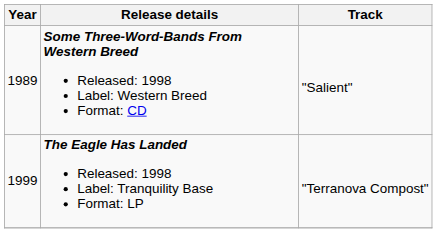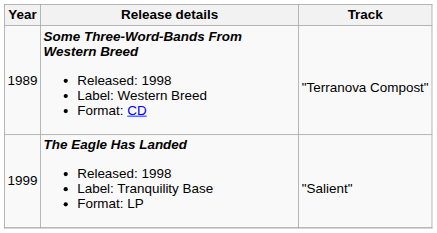 <table class ="wikitable">
 <tr>
 <th>Year</th>
 <th width="300">Release details</th>
 <th>Track</th>
 </tr>
 <tr>
 <td>1989</td>
 <td><strong><em>Some Three-Word-Bands From Western Breed</em></strong><br><ul><li>Released: 1998</li><li>Label: Western Breed</li><li>Format: <a href='#'>CD</a></li></ul></td>
-<td><br>"Salient"</td>
+<td><br>"Terranova Compost"</td>
 </tr>
 <tr>
 <td>1999</td>
 <td><strong><em>The Eagle Has Landed</em></strong><br><ul><li>Released: 1998</li><li>Label: Tranquility Base</li><li>Format: LP</li></ul></td>
-<td><br>"Terranova Compost"</td>
+<td><br>"Salient"</td>
 </tr>
 <tr>
 </tr>
 </table>
